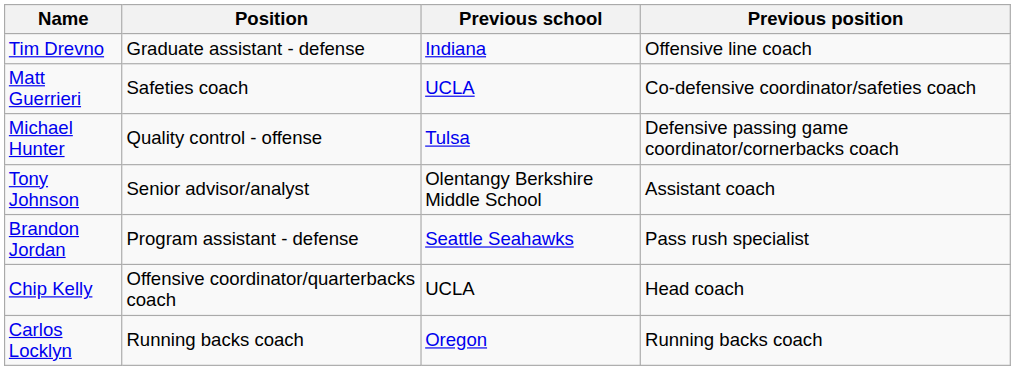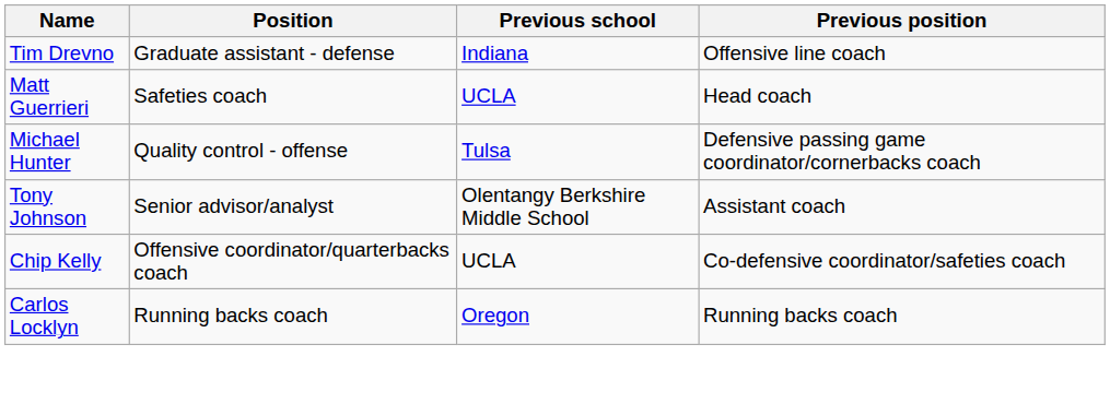 <table class="wikitable">
 <tr>
 <th style="text-align:center;">Name</th>
 <th style="text-align:center;">Position</th>
 <th style="text-align:center;">Previous school</th>
 <th style="text-align:center;">Previous position</th>
 </tr>
 <tr>
 <td><a href='#'>Tim Drevno</a></td>
 <td>Graduate assistant - defense</td>
 <td><a href='#'>Indiana</a></td>
 <td>Offensive line coach</td>
 </tr>
 <tr>
 <td><a href='#'>Matt Guerrieri</a></td>
 <td>Safeties coach</td>
 <td><a href='#'>UCLA</a></td>
-<td>Co-defensive coordinator/safeties coach</td>
+<td>Head coach</td>
 </tr>
 <tr>
 <td><a href='#'>Michael Hunter</a></td>
 <td>Quality control - offense</td>
 <td><a href='#'>Tulsa</a></td>
 <td>Defensive passing game coordinator/cornerbacks coach</td>
 </tr>
 <tr>
 <td><a href='#'>Tony Johnson</a></td>
 <td>Senior advisor/analyst</td>
 <td>Olentangy Berkshire Middle School</td>
 <td>Assistant coach</td>
 </tr>
 <tr>
-<td><a href='#'>Brandon Jordan</a></td>
-<td>Program assistant - defense</td>
-<td><a href='#'>Seattle Seahawks</a></td>
-<td>Pass rush specialist</td>
-</tr>
-<tr>
 <td><a href='#'>Chip Kelly</a></td>
 <td>Offensive coordinator/quarterbacks coach</td>
 <td>UCLA</td>
-<td>Head coach</td>
+<td>Co-defensive coordinator/safeties coach</td>
 </tr>
 <tr>
 <td><a href='#'>Carlos Locklyn</a></td>
 <td>Running backs coach</td>
 <td><a href='#'>Oregon</a></td>
 <td>Running backs coach</td>
 </tr>
 </table>
